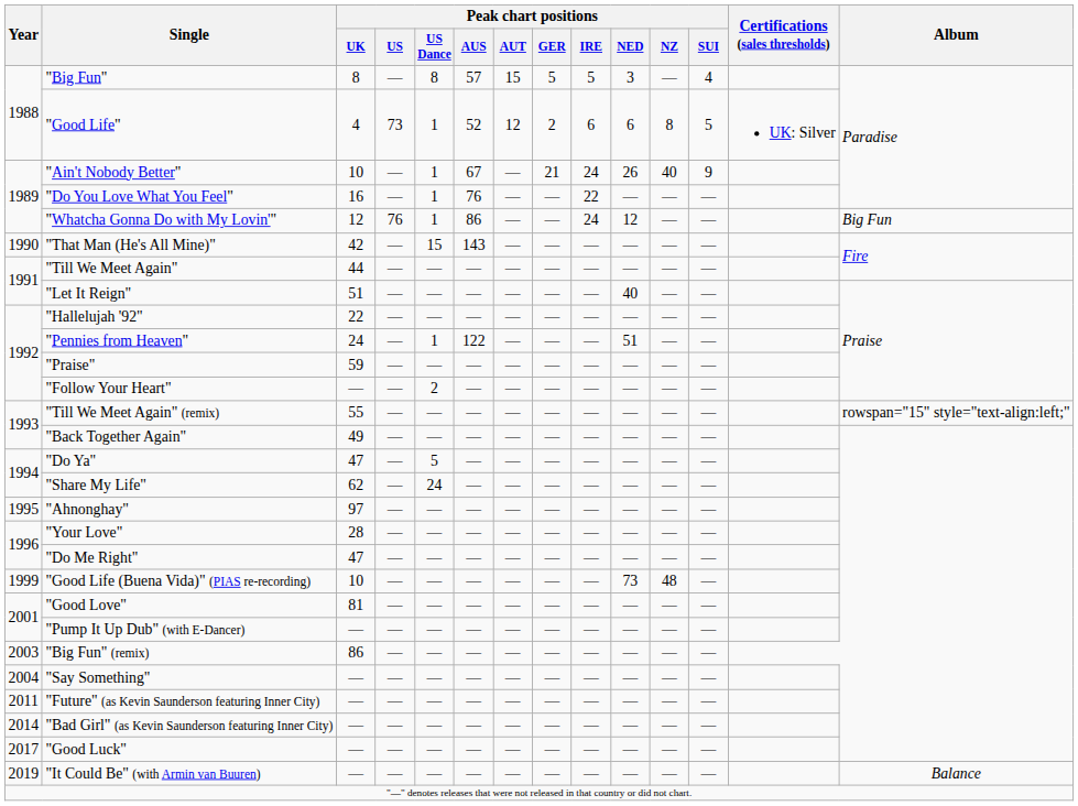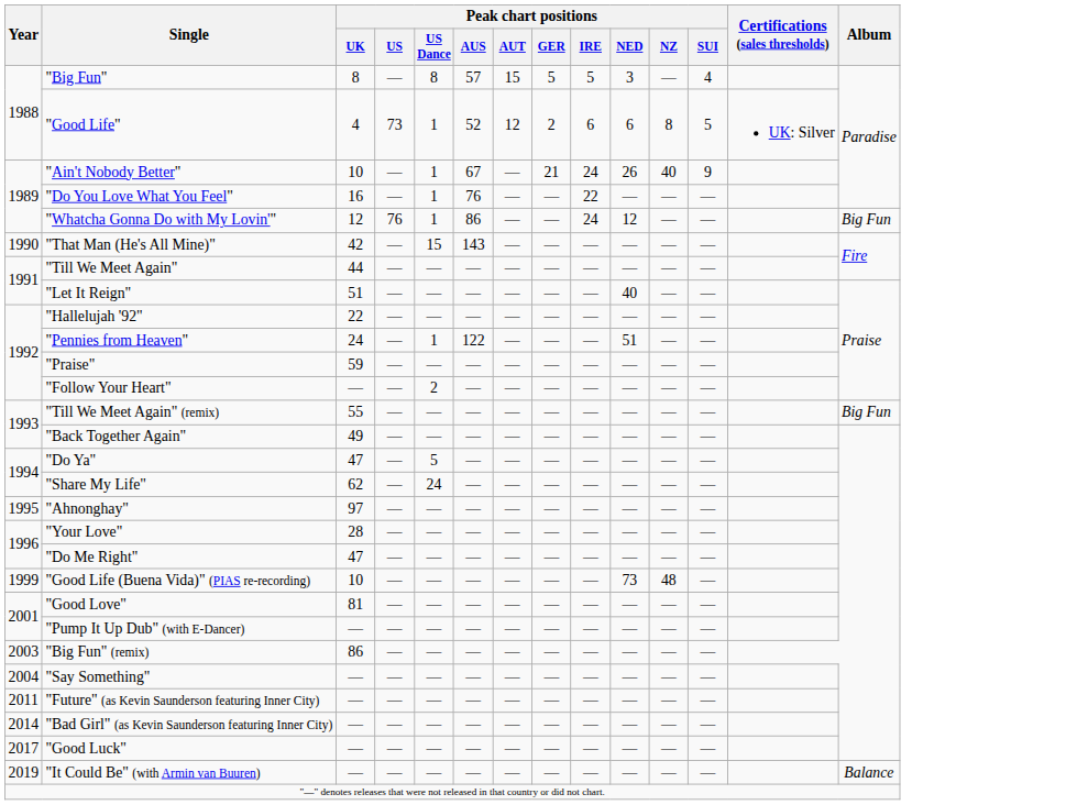 <table class="wikitable" style="text-align:center;">
 <tr>
 <th rowspan="2">Year</th>
 <th rowspan="2">Single</th>
 <th colspan="10">Peak chart positions</th>
 <th rowspan="2"><a href='#'>Certifications</a><br><small>(<a href='#'>sales thresholds</a>)</small></th>
 <th rowspan="2">Album</th>
 </tr>
 <tr style="font-size:smaller;">
 <th width="35"><a href='#'>UK</a><br></th>
 <th width="35"><a href='#'>US</a><br></th>
 <th width="35"><a href='#'>US<br>Dance</a><br></th>
 <th width="35"><a href='#'>AUS</a><br></th>
 <th width="35"><a href='#'>AUT</a><br></th>
 <th width="35"><a href='#'>GER</a><br></th>
 <th width="35"><a href='#'>IRE</a><br></th>
 <th width="35"><a href='#'>NED</a><br></th>
 <th width="35"><a href='#'>NZ</a><br></th>
 <th width="35"><a href='#'>SUI</a><br></th>
 </tr>
 <tr>
 <td style="text-align:center;" rowspan="2">1988</td>
 <td align="left">"<a href='#'>Big Fun</a>"</td>
 <td style="text-align:center;">8</td>
 <td style="text-align:center;">—</td>
 <td style="text-align:center;">8</td>
 <td style="text-align:center;">57</td>
 <td style="text-align:center;">15</td>
 <td style="text-align:center;">5</td>
 <td style="text-align:center;">5</td>
 <td style="text-align:center;">3</td>
 <td style="text-align:center;">—</td>
 <td style="text-align:center;">4</td>
 <td></td>
 <td style="text-align:left;" rowspan="4"><em>Paradise</em></td>
 </tr>
 <tr>
 <td align="left">"<a href='#'>Good Life</a>"</td>
 <td style="text-align:center;">4</td>
 <td style="text-align:center;">73</td>
 <td style="text-align:center;">1</td>
 <td style="text-align:center;">52</td>
 <td style="text-align:center;">12</td>
 <td style="text-align:center;">2</td>
 <td style="text-align:center;">6</td>
 <td style="text-align:center;">6</td>
 <td style="text-align:center;">8</td>
 <td style="text-align:center;">5</td>
 <td><br><ul><li><a href='#'>UK</a>: Silver</li></ul></td>
 </tr>
 <tr>
 <td style="text-align:center;" rowspan="3">1989</td>
 <td align="left">"<a href='#'>Ain't Nobody Better</a>"</td>
 <td style="text-align:center;">10</td>
 <td style="text-align:center;">—</td>
 <td style="text-align:center;">1</td>
 <td style="text-align:center;">67</td>
 <td style="text-align:center;">—</td>
 <td style="text-align:center;">21</td>
 <td style="text-align:center;">24</td>
 <td style="text-align:center;">26</td>
 <td style="text-align:center;">40</td>
 <td style="text-align:center;">9</td>
 <td></td>
 </tr>
 <tr>
 <td align="left">"<a href='#'>Do You Love What You Feel</a>"</td>
 <td style="text-align:center;">16</td>
 <td style="text-align:center;">—</td>
 <td style="text-align:center;">1</td>
 <td style="text-align:center;">76</td>
 <td style="text-align:center;">—</td>
 <td style="text-align:center;">—</td>
 <td style="text-align:center;">22</td>
 <td style="text-align:center;">—</td>
 <td style="text-align:center;">—</td>
 <td style="text-align:center;">—</td>
 <td></td>
 </tr>
 <tr>
 <td align="left">"<a href='#'>Whatcha Gonna Do with My Lovin'</a>"</td>
 <td style="text-align:center;">12</td>
 <td style="text-align:center;">76</td>
 <td style="text-align:center;">1</td>
 <td style="text-align:center;">86</td>
 <td style="text-align:center;">—</td>
 <td style="text-align:center;">—</td>
 <td style="text-align:center;">24</td>
 <td style="text-align:center;">12</td>
 <td style="text-align:center;">—</td>
 <td style="text-align:center;">—</td>
 <td></td>
 <td style="text-align:left;"><em>Big Fun</em></td>
 </tr>
 <tr>
 <td style="text-align:center;">1990</td>
 <td align="left">"That Man (He's All Mine)"</td>
 <td style="text-align:center;">42</td>
 <td style="text-align:center;">—</td>
 <td style="text-align:center;">15</td>
 <td style="text-align:center;">143</td>
 <td style="text-align:center;">—</td>
 <td style="text-align:center;">—</td>
 <td style="text-align:center;">—</td>
 <td style="text-align:center;">—</td>
 <td style="text-align:center;">—</td>
 <td style="text-align:center;">—</td>
 <td></td>
 <td style="text-align:left;" rowspan="2"><em><a href='#'>Fire</a></em></td>
 </tr>
 <tr>
 <td style="text-align:center;" rowspan="2">1991</td>
 <td align="left">"Till We Meet Again"</td>
 <td style="text-align:center;">44</td>
 <td style="text-align:center;">—</td>
 <td style="text-align:center;">—</td>
 <td style="text-align:center;">—</td>
 <td style="text-align:center;">—</td>
 <td style="text-align:center;">—</td>
 <td style="text-align:center;">—</td>
 <td style="text-align:center;">—</td>
 <td style="text-align:center;">—</td>
 <td style="text-align:center;">—</td>
 <td></td>
 </tr>
 <tr>
 <td align="left">"Let It Reign"</td>
 <td style="text-align:center;">51</td>
 <td style="text-align:center;">—</td>
 <td style="text-align:center;">—</td>
 <td style="text-align:center;">—</td>
 <td style="text-align:center;">—</td>
 <td style="text-align:center;">—</td>
 <td style="text-align:center;">—</td>
 <td style="text-align:center;">40</td>
 <td style="text-align:center;">—</td>
 <td style="text-align:center;">—</td>
 <td></td>
 <td style="text-align:left;" rowspan="5"><em>Praise</em></td>
 </tr>
 <tr>
 <td style="text-align:center;" rowspan="4">1992</td>
 <td align="left">"Hallelujah '92"</td>
 <td style="text-align:center;">22</td>
 <td style="text-align:center;">—</td>
 <td style="text-align:center;">—</td>
 <td style="text-align:center;">—</td>
 <td style="text-align:center;">—</td>
 <td style="text-align:center;">—</td>
 <td style="text-align:center;">—</td>
 <td style="text-align:center;">—</td>
 <td style="text-align:center;">—</td>
 <td style="text-align:center;">—</td>
 <td></td>
 </tr>
 <tr>
 <td align="left">"<a href='#'>Pennies from Heaven</a>"</td>
 <td style="text-align:center;">24</td>
 <td style="text-align:center;">—</td>
 <td style="text-align:center;">1</td>
 <td style="text-align:center;">122</td>
 <td style="text-align:center;">—</td>
 <td style="text-align:center;">—</td>
 <td style="text-align:center;">—</td>
 <td style="text-align:center;">51</td>
 <td style="text-align:center;">—</td>
 <td style="text-align:center;">—</td>
 <td></td>
 </tr>
 <tr>
 <td align="left">"Praise"</td>
 <td style="text-align:center;">59</td>
 <td style="text-align:center;">—</td>
 <td style="text-align:center;">—</td>
 <td style="text-align:center;">—</td>
 <td style="text-align:center;">—</td>
 <td style="text-align:center;">—</td>
 <td style="text-align:center;">—</td>
 <td style="text-align:center;">—</td>
 <td style="text-align:center;">—</td>
 <td style="text-align:center;">—</td>
 <td></td>
 </tr>
 <tr>
 <td align="left">"Follow Your Heart"</td>
 <td style="text-align:center;">—</td>
 <td style="text-align:center;">—</td>
 <td style="text-align:center;">2</td>
 <td style="text-align:center;">—</td>
 <td style="text-align:center;">—</td>
 <td style="text-align:center;">—</td>
 <td style="text-align:center;">—</td>
 <td style="text-align:center;">—</td>
 <td style="text-align:center;">—</td>
 <td style="text-align:center;">—</td>
 <td></td>
 </tr>
 <tr>
 <td style="text-align:center;" rowspan="2">1993</td>
 <td align="left">"Till We Meet Again" <small>(remix)</small></td>
 <td style="text-align:center;">55</td>
 <td style="text-align:center;">—</td>
 <td style="text-align:center;">—</td>
 <td style="text-align:center;">—</td>
 <td style="text-align:center;">—</td>
 <td style="text-align:center;">—</td>
 <td style="text-align:center;">—</td>
 <td style="text-align:center;">—</td>
 <td style="text-align:center;">—</td>
 <td style="text-align:center;">—</td>
 <td></td>
-<td>rowspan="15" style="text-align:left;" </td>
+<td style="text-align:left;"><em>Big Fun</em></td>
 </tr>
 <tr>
 <td align="left">"Back Together Again"</td>
 <td style="text-align:center;">49</td>
 <td style="text-align:center;">—</td>
 <td style="text-align:center;">—</td>
 <td style="text-align:center;">—</td>
 <td style="text-align:center;">—</td>
 <td style="text-align:center;">—</td>
 <td style="text-align:center;">—</td>
 <td style="text-align:center;">—</td>
 <td style="text-align:center;">—</td>
 <td style="text-align:center;">—</td>
 <td></td>
 </tr>
 <tr>
 <td style="text-align:center;" rowspan="2">1994</td>
 <td align="left">"Do Ya"</td>
 <td style="text-align:center;">47</td>
 <td style="text-align:center;">—</td>
 <td style="text-align:center;">5</td>
 <td style="text-align:center;">—</td>
 <td style="text-align:center;">—</td>
 <td style="text-align:center;">—</td>
 <td style="text-align:center;">—</td>
 <td style="text-align:center;">—</td>
 <td style="text-align:center;">—</td>
 <td style="text-align:center;">—</td>
 <td></td>
 </tr>
 <tr>
 <td align="left">"Share My Life"</td>
 <td style="text-align:center;">62</td>
 <td style="text-align:center;">—</td>
 <td style="text-align:center;">24</td>
 <td style="text-align:center;">—</td>
 <td style="text-align:center;">—</td>
 <td style="text-align:center;">—</td>
 <td style="text-align:center;">—</td>
 <td style="text-align:center;">—</td>
 <td style="text-align:center;">—</td>
 <td style="text-align:center;">—</td>
 <td></td>
 </tr>
 <tr>
 <td style="text-align:center;">1995</td>
 <td align="left">"Ahnonghay"</td>
 <td style="text-align:center;">97</td>
 <td style="text-align:center;">—</td>
 <td style="text-align:center;">—</td>
 <td style="text-align:center;">—</td>
 <td style="text-align:center;">—</td>
 <td style="text-align:center;">—</td>
 <td style="text-align:center;">—</td>
 <td style="text-align:center;">—</td>
 <td style="text-align:center;">—</td>
 <td style="text-align:center;">—</td>
 <td></td>
 </tr>
 <tr>
 <td style="text-align:center;" rowspan="2">1996</td>
 <td align="left">"Your Love"</td>
 <td style="text-align:center;">28</td>
 <td style="text-align:center;">—</td>
 <td style="text-align:center;">—</td>
 <td style="text-align:center;">—</td>
 <td style="text-align:center;">—</td>
 <td style="text-align:center;">—</td>
 <td style="text-align:center;">—</td>
 <td style="text-align:center;">—</td>
 <td style="text-align:center;">—</td>
 <td style="text-align:center;">—</td>
 <td></td>
 </tr>
 <tr>
 <td align="left">"Do Me Right"</td>
 <td style="text-align:center;">47</td>
 <td style="text-align:center;">—</td>
 <td style="text-align:center;">—</td>
 <td style="text-align:center;">—</td>
 <td style="text-align:center;">—</td>
 <td style="text-align:center;">—</td>
 <td style="text-align:center;">—</td>
 <td style="text-align:center;">—</td>
 <td style="text-align:center;">—</td>
 <td style="text-align:center;">—</td>
 <td></td>
 </tr>
 <tr>
 <td style="text-align:center;">1999</td>
 <td align="left">"Good Life (Buena Vida)" <small>(<a href='#'>PIAS</a> re-recording)</small></td>
 <td style="text-align:center;">10</td>
 <td style="text-align:center;">—</td>
 <td style="text-align:center;">—</td>
 <td style="text-align:center;">—</td>
 <td style="text-align:center;">—</td>
 <td style="text-align:center;">—</td>
 <td style="text-align:center;">—</td>
 <td style="text-align:center;">73</td>
 <td style="text-align:center;">48</td>
 <td style="text-align:center;">—</td>
 <td></td>
 </tr>
 <tr>
 <td style="text-align:center;" rowspan="2">2001</td>
 <td align="left">"Good Love"</td>
 <td style="text-align:center;">81</td>
 <td style="text-align:center;">—</td>
 <td style="text-align:center;">—</td>
 <td style="text-align:center;">—</td>
 <td style="text-align:center;">—</td>
 <td style="text-align:center;">—</td>
 <td style="text-align:center;">—</td>
 <td style="text-align:center;">—</td>
 <td style="text-align:center;">—</td>
 <td style="text-align:center;">—</td>
 <td></td>
 </tr>
 <tr>
 <td align="left">"Pump It Up Dub" <small>(with E-Dancer)</small></td>
 <td style="text-align:center;">—</td>
 <td style="text-align:center;">—</td>
 <td style="text-align:center;">—</td>
 <td style="text-align:center;">—</td>
 <td style="text-align:center;">—</td>
 <td style="text-align:center;">—</td>
 <td style="text-align:center;">—</td>
 <td style="text-align:center;">—</td>
 <td style="text-align:center;">—</td>
 <td style="text-align:center;">—</td>
 <td></td>
 </tr>
 <tr>
 <td style="text-align:center;">2003</td>
 <td align="left">"Big Fun" <small>(remix)</small></td>
 <td style="text-align:center;">86</td>
 <td style="text-align:center;">—</td>
 <td style="text-align:center;">—</td>
 <td style="text-align:center;">—</td>
 <td style="text-align:center;">—</td>
 <td style="text-align:center;">—</td>
 <td style="text-align:center;">—</td>
 <td style="text-align:center;">—</td>
 <td style="text-align:center;">—</td>
 <td style="text-align:center;">—</td>
 </tr>
 <tr>
 <td style="text-align:center;">2004</td>
 <td align="left">"Say Something"</td>
 <td style="text-align:center;">—</td>
 <td style="text-align:center;">—</td>
 <td style="text-align:center;">—</td>
 <td style="text-align:center;">—</td>
 <td style="text-align:center;">—</td>
 <td style="text-align:center;">—</td>
 <td style="text-align:center;">—</td>
 <td style="text-align:center;">—</td>
 <td style="text-align:center;">—</td>
 <td style="text-align:center;">—</td>
 <td></td>
 </tr>
 <tr>
 <td style="text-align:center;">2011</td>
 <td align="left">"Future" <small>(as Kevin Saunderson featuring Inner City)</small></td>
 <td style="text-align:center;">—</td>
 <td style="text-align:center;">—</td>
 <td style="text-align:center;">—</td>
 <td style="text-align:center;">—</td>
 <td style="text-align:center;">—</td>
 <td style="text-align:center;">—</td>
 <td style="text-align:center;">—</td>
 <td style="text-align:center;">—</td>
 <td style="text-align:center;">—</td>
 <td style="text-align:center;">—</td>
 <td></td>
 </tr>
 <tr>
 <td style="text-align:center;">2014</td>
 <td align="left">"Bad Girl" <small>(as Kevin Saunderson featuring Inner City)</small></td>
 <td style="text-align:center;">—</td>
 <td style="text-align:center;">—</td>
 <td style="text-align:center;">—</td>
 <td style="text-align:center;">—</td>
 <td style="text-align:center;">—</td>
 <td style="text-align:center;">—</td>
 <td style="text-align:center;">—</td>
 <td style="text-align:center;">—</td>
 <td style="text-align:center;">—</td>
 <td style="text-align:center;">—</td>
 <td></td>
 </tr>
 <tr>
 <td>2017</td>
 <td align="left">"Good Luck"</td>
 <td style="text-align:center;">—</td>
 <td style="text-align:center;">—</td>
 <td style="text-align:center;">—</td>
 <td style="text-align:center;">—</td>
 <td style="text-align:center;">—</td>
 <td style="text-align:center;">—</td>
 <td style="text-align:center;">—</td>
 <td style="text-align:center;">—</td>
 <td style="text-align:center;">—</td>
 <td style="text-align:center;">—</td>
 <td></td>
 </tr>
 <tr>
 <td>2019</td>
 <td align="left">"It Could Be" <small>(with <a href='#'>Armin van Buuren</a>)</small></td>
 <td style="text-align:center;">—</td>
 <td style="text-align:center;">—</td>
 <td style="text-align:center;">—</td>
 <td style="text-align:center;">—</td>
 <td style="text-align:center;">—</td>
 <td style="text-align:center;">—</td>
 <td style="text-align:center;">—</td>
 <td style="text-align:center;">—</td>
 <td style="text-align:center;">—</td>
 <td style="text-align:center;">—</td>
 <td></td>
 <td><em>Balance</em></td>
 </tr>
 <tr>
 <td colspan="14" style="text-align:center; font-size:8pt;">"—" denotes releases that were not released in that country or did not chart.</td>
 </tr>
 </table>
